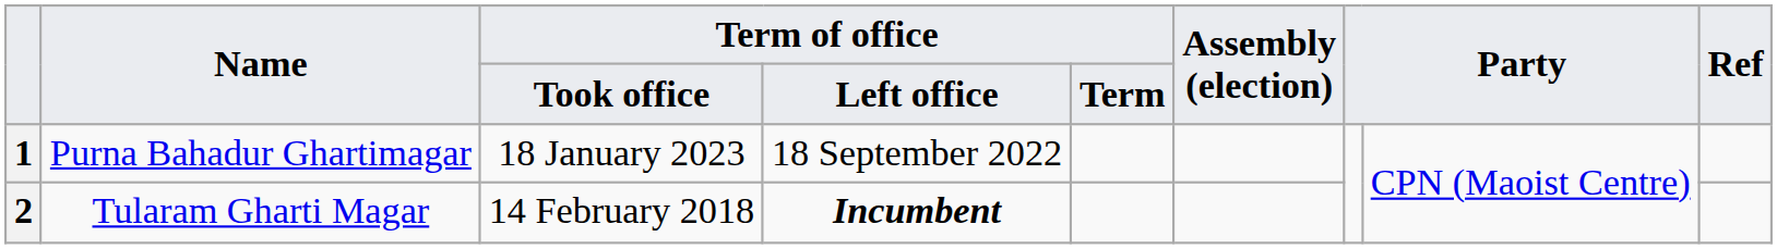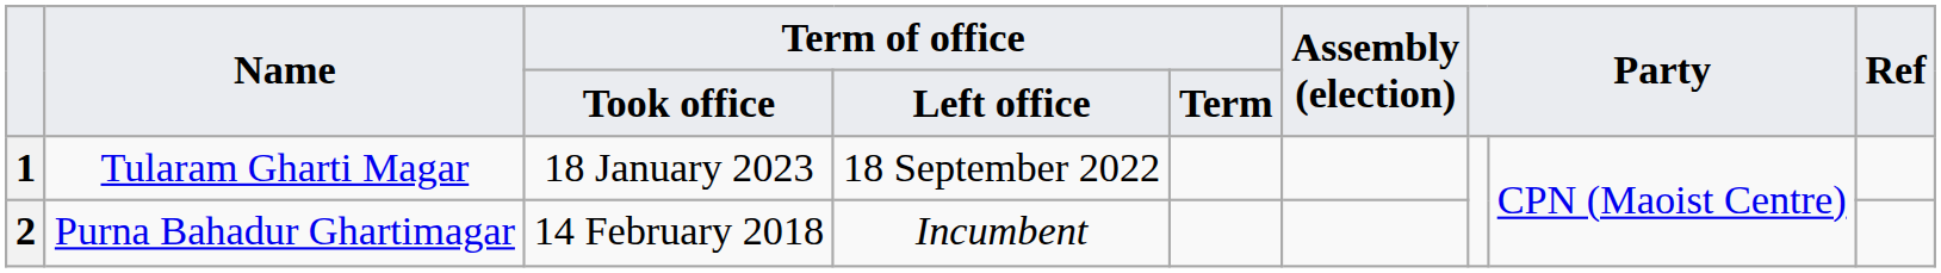 <table class=wikitable style="text-align:center">
 <tr>
 <th colspan="1" rowspan="2" style="background-color:#EAECF0;"></th>
 <th colspan="1" rowspan="2" style="background-color:#EAECF0;">Name<br></th>
 <th colspan="3" style="background-color:#EAECF0;">Term of office</th>
 <th colspan="1" rowspan="2" style="background-color:#EAECF0;">Assembly<br>(election)</th>
 <th colspan="2" rowspan="2" style="background-color:#EAECF0;">Party</th>
 <th rowspan="2" style="background-color:#EAECF0;">Ref</th>
 </tr>
 <tr>
 <th style="background-color:#EAECF0;">Took office</th>
 <th style="background-color:#EAECF0;">Left office</th>
 <th style="background-color:#EAECF0;">Term</th>
 </tr>
 <tr>
 <th>1</th>
-<td><a href='#'>Purna Bahadur Ghartimagar</a><br></td>
+<td><a href='#'>Tularam Gharti Magar</a><br></td>
 <td>18 January 2023</td>
 <td>18 September 2022</td>
 <td></td>
 <td></td>
 <td rowspan="2"></td>
 <td rowspan="2"><a href='#'>CPN (Maoist Centre)</a></td>
 <td></td>
 </tr>
 <tr>
 <th>2</th>
-<td><a href='#'>Tularam Gharti Magar</a><br></td>
+<td><a href='#'>Purna Bahadur Ghartimagar</a><br></td>
 <td>14 February 2018</td>
-<td><strong><em>Incumbent</em></strong></td>
+<td><em>Incumbent</em></td>
 <td></td>
 <td></td>
 <td></td>
 </tr>
 </table>
